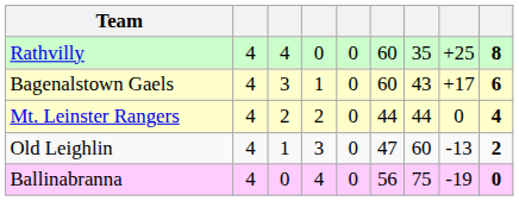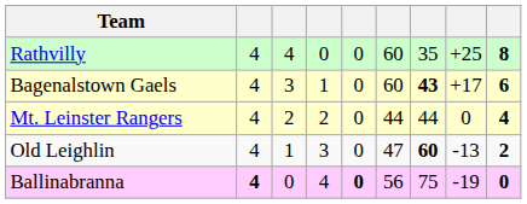 <table class="wikitable" style="text-align:center">
 <tr>
 <th style="width:175px;">Team</th>
 <th width="20"></th>
 <th width="20"></th>
 <th width="20"></th>
 <th width="20"></th>
 <th width="20"></th>
 <th width="20"></th>
 <th width="20"></th>
 <th width="20"></th>
 </tr>
 <tr style="background:#cfc;">
 <td style="text-align:left;"> <a href='#'>Rathvilly</a></td>
 <td>4</td>
 <td>4</td>
 <td>0</td>
 <td>0</td>
 <td>60</td>
 <td>35</td>
 <td>+25</td>
 <td><strong>8</strong></td>
 </tr>
 <tr style="background:#ffc;">
 <td style="text-align:left;"> Bagenalstown Gaels</td>
 <td>4</td>
 <td>3</td>
 <td>1</td>
 <td>0</td>
 <td>60</td>
-<td>43</td>
+<td><strong>43</strong></td>
 <td>+17</td>
 <td><strong>6</strong></td>
 </tr>
 <tr style="background:#ffc;">
 <td style="text-align:left;"> <a href='#'>Mt. Leinster Rangers</a></td>
 <td>4</td>
 <td>2</td>
 <td>2</td>
 <td>0</td>
 <td>44</td>
 <td>44</td>
 <td>0</td>
 <td><strong>4</strong></td>
 </tr>
 <tr style="background:#nfc;">
 <td style="text-align:left;"> Old Leighlin</td>
 <td>4</td>
 <td>1</td>
 <td>3</td>
 <td>0</td>
 <td>47</td>
-<td>60</td>
+<td><strong>60</strong></td>
 <td>-13</td>
 <td><strong>2</strong></td>
 </tr>
 <tr style="background:#fcf;">
 <td style="text-align:left;"> Ballinabranna</td>
-<td>4</td>
+<td><strong>4</strong></td>
 <td>0</td>
 <td>4</td>
-<td>0</td>
+<td><strong>0</strong></td>
 <td>56</td>
 <td>75</td>
 <td>-19</td>
 <td><strong>0</strong></td>
 </tr>
 </table>
